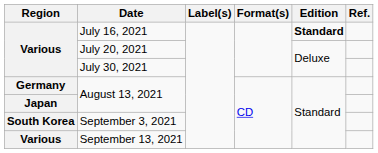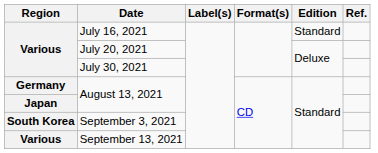 <table class="wikitable plainrowheaders">
 <tr>
 <th scope="col">Region</th>
 <th scope="col">Date</th>
 <th scope="col">Label(s)</th>
 <th scope="col">Format(s)</th>
 <th scope="col">Edition</th>
 <th scope="col">Ref.</th>
 </tr>
 <tr>
 <th scope="row" rowspan="3">Various</th>
 <td>July 16, 2021</td>
 <td rowspan="7"></td>
 <td rowspan="3"></td>
-<td><strong>Standard</strong></td>
+<td>Standard</td>
 <td></td>
 </tr>
 <tr>
 <td>July 20, 2021</td>
 <td rowspan="2">Deluxe</td>
 <td></td>
 </tr>
 <tr>
 <td>July 30, 2021</td>
 <td></td>
 </tr>
 <tr>
 <th scope="row">Germany</th>
 <td rowspan="2">August 13, 2021</td>
 <td rowspan="4"><a href='#'>CD</a></td>
 <td rowspan="4">Standard</td>
 <td></td>
 </tr>
 <tr>
 <th scope="row">Japan</th>
 <td></td>
 </tr>
 <tr>
 <th scope="row">South Korea</th>
 <td>September 3, 2021</td>
 <td></td>
 </tr>
 <tr>
 <th scope="row">Various</th>
 <td>September 13, 2021</td>
 <td></td>
 </tr>
 </table>
